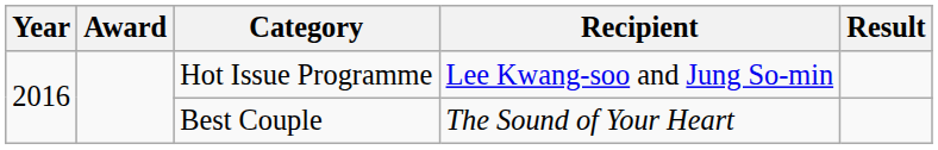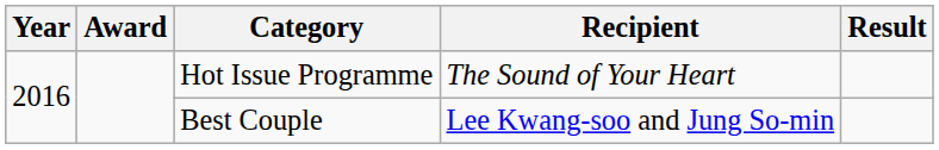 <table class="wikitable">
 <tr>
 <th>Year</th>
 <th>Award</th>
 <th>Category</th>
 <th>Recipient</th>
 <th>Result</th>
 </tr>
 <tr>
 <td rowspan="2">2016</td>
 <td rowspan="2"></td>
 <td>Hot Issue Programme</td>
-<td><a href='#'>Lee Kwang-soo</a> and <a href='#'>Jung So-min</a></td>
+<td><em>The Sound of Your Heart</em></td>
 <td></td>
 </tr>
 <tr>
 <td>Best Couple</td>
-<td><em>The Sound of Your Heart</em></td>
+<td><a href='#'>Lee Kwang-soo</a> and <a href='#'>Jung So-min</a></td>
 <td></td>
 </tr>
 </table>
